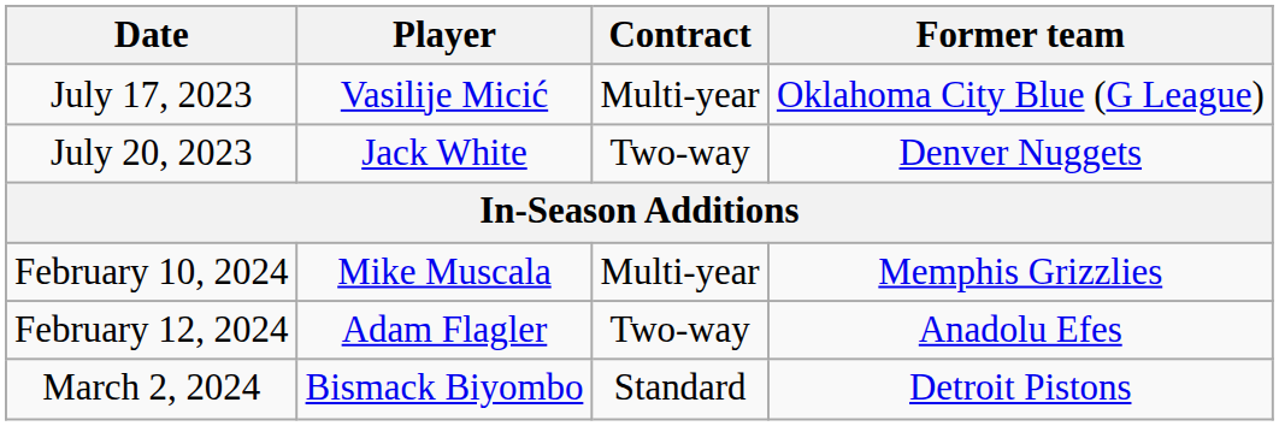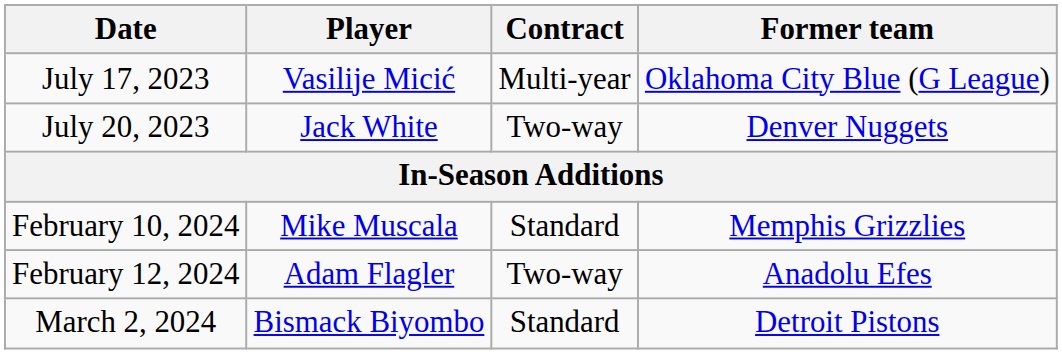 <table class="wikitable" style="text-align: center">
 <tr>
 <th>Date</th>
 <th>Player</th>
 <th>Contract</th>
 <th>Former team</th>
 </tr>
 <tr style="text-align: center">
 <td>July 17, 2023</td>
 <td><a href='#'>Vasilije Micić</a></td>
 <td>Multi-year</td>
 <td><a href='#'>Oklahoma City Blue</a> (<a href='#'>G League</a>)</td>
 </tr>
 <tr style="text-align: center">
 <td>July 20, 2023</td>
 <td><a href='#'>Jack White</a></td>
 <td>Two-way</td>
 <td><a href='#'>Denver Nuggets</a></td>
 </tr>
 <tr>
 <th scope="row" colspan="6" style="text-align:center;”">In-Season Additions</th>
 </tr>
 <tr style="text-align: center">
 <td>February 10, 2024</td>
 <td><a href='#'>Mike Muscala</a></td>
-<td>Multi-year</td>
+<td>Standard</td>
 <td><a href='#'>Memphis Grizzlies</a></td>
 </tr>
 <tr style="text-align: center">
 <td>February 12, 2024</td>
 <td><a href='#'>Adam Flagler</a></td>
 <td>Two-way</td>
 <td> <a href='#'>Anadolu Efes</a></td>
 </tr>
 <tr style="text-align: center">
 <td>March 2, 2024</td>
 <td><a href='#'>Bismack Biyombo</a></td>
 <td>Standard</td>
 <td><a href='#'>Detroit Pistons</a></td>
 </tr>
 </table>
